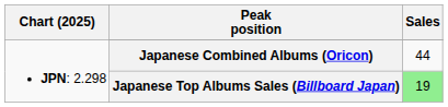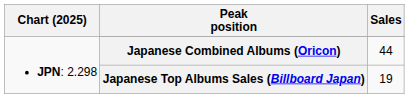 <table class="wikitable sortable plainrowheaders" style="text-align:center">
 <tr>
 <th scope="col">Chart (2025)</th>
 <th scope="col">Peak<br>position</th>
 <th>Sales</th>
 </tr>
 <tr>
 <td rowspan="3"><br><ul><li><strong>JPN</strong>: 2.298</li></ul></td>
 </tr>
 <tr>
 <th scope="row">Japanese Combined Albums (<a href='#'>Oricon</a>)</th>
 <td>44</td>
 </tr>
 <tr>
 <th scope="row">Japanese Top Albums Sales (<em><a href='#'>Billboard Japan</a></em>)</th>
-<td style="background: lightgreen;">19</td>
+<td>19</td>
 </tr>
 </table>
